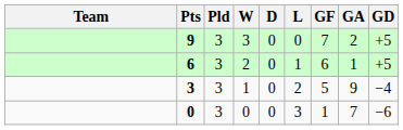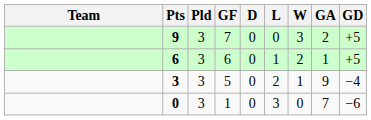 <table class="wikitable" style="text-align:center;">
 <tr>
 <th width=175>Team</th>
 <th width=20 abbr="Points">Pts</th>
 <th width=20 abbr="Played">Pld</th>
-<th width=20 abbr="Won">W</th>
+<th width=20 abbr="Goals for">GF</th>
 <th width=20 abbr="Drawn">D</th>
 <th width=20 abbr="Lost">L</th>
-<th width=20 abbr="Goals for">GF</th>
+<th width=20 abbr="Won">W</th>
 <th width=20 abbr="Goals against">GA</th>
 <th width=20 abbr="Goal difference">GD</th>
 </tr>
 <tr style="background:#ccffcc;">
 <td style="text-align:left;"></td>
 <td><strong>9</strong></td>
 <td>3</td>
-<td>3</td>
+<td>7</td>
 <td>0</td>
 <td>0</td>
-<td>7</td>
+<td>3</td>
 <td>2</td>
 <td>+5</td>
 </tr>
 <tr style="background:#ccffcc;">
 <td style="text-align:left;"></td>
 <td><strong>6</strong></td>
 <td>3</td>
-<td>2</td>
+<td>6</td>
 <td>0</td>
 <td>1</td>
-<td>6</td>
+<td>2</td>
 <td>1</td>
 <td>+5</td>
 </tr>
 <tr>
 <td style="text-align:left;"></td>
 <td><strong>3</strong></td>
 <td>3</td>
-<td>1</td>
+<td>5</td>
 <td>0</td>
 <td>2</td>
-<td>5</td>
+<td>1</td>
 <td>9</td>
 <td>−4</td>
 </tr>
 <tr>
 <td style="text-align:left;"></td>
 <td><strong>0</strong></td>
 <td>3</td>
-<td>0</td>
+<td>1</td>
 <td>0</td>
 <td>3</td>
-<td>1</td>
+<td>0</td>
 <td>7</td>
 <td>−6</td>
 </tr>
 </table>
